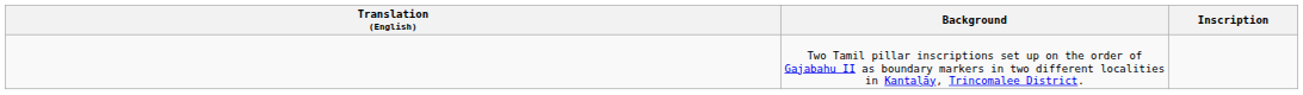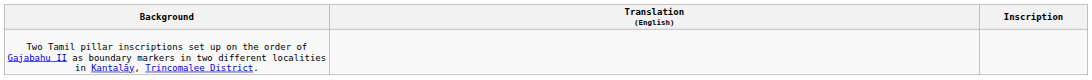 <table class="wikitable centre">
 <tr>
+<th scope="col" align=left>Background<br></th>
 <th>Translation<br><small>(English)</small></th>
-<th scope="col" align=left>Background<br></th>
 <th>Inscription<br></th>
 </tr>
 <tr>
+<td align=center width="30%"><br>Two Tamil pillar inscriptions set up on the order of <a href='#'>Gajabahu II</a> as boundary markers in two different localities in <a href='#'>Kantaḷāy</a>, <a href='#'>Trincomalee District</a>.</td>
 <td align=left><br></td>
-<td align=center width="30%"><br>Two Tamil pillar inscriptions set up on the order of <a href='#'>Gajabahu II</a> as boundary markers in two different localities in <a href='#'>Kantaḷāy</a>, <a href='#'>Trincomalee District</a>.</td>
 <td align=center width="10%"><br></td>
 </tr>
 </table>
